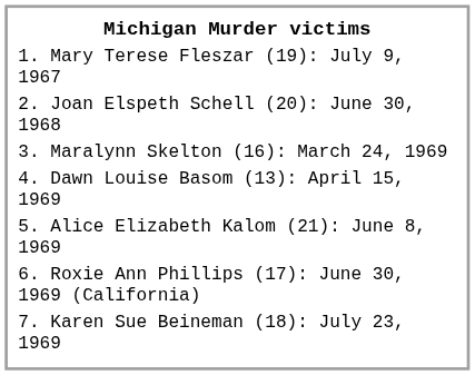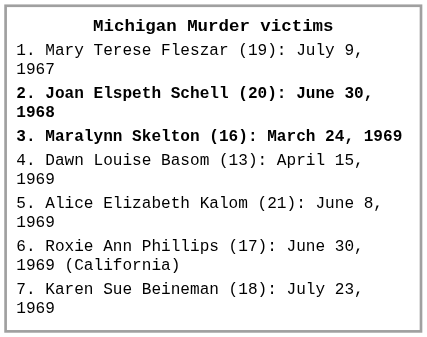 <table style="float:right; margin:1em; width:24em; border:2px solid #a0a0a0; padding:4px; background:#k9k9k9; text-align:left;">
 <tr style="text-align:center;">
 <td><strong>Michigan Murder victims</strong></td>
 </tr>
 <tr style="text-align:left; font-size:small;">
 <td>1. Mary Terese Fleszar (19): July 9, 1967</td>
 </tr>
 <tr style="text-align:left; font-size:small;">
-<td>2. Joan Elspeth Schell (20): June 30, 1968</td>
+<td><strong>2. Joan Elspeth Schell (20): June 30, 1968</strong></td>
 </tr>
 <tr style="text-align:left; font-size:small;">
-<td>3. Maralynn Skelton (16): March 24, 1969</td>
+<td><strong>3. Maralynn Skelton (16): March 24, 1969</strong></td>
 </tr>
 <tr style="text-align:left; font-size:small;">
 <td>4. Dawn Louise Basom (13): April 15, 1969</td>
 </tr>
 <tr style="text-align:left; font-size:small;">
 <td>5. Alice Elizabeth Kalom (21): June 8, 1969</td>
 </tr>
 <tr style="text-align:left; font-size:small;">
 <td>6. Roxie Ann Phillips (17): June 30, 1969 (California)</td>
 </tr>
 <tr style="text-align:left; font-size:small;">
 <td>7. Karen Sue Beineman (18): July 23, 1969</td>
 </tr>
 <tr style="text-align:left; font-size:small;">
 </tr>
 </table>
